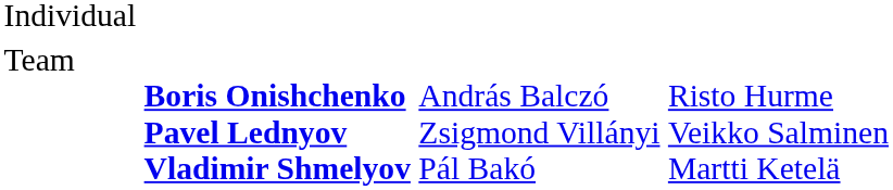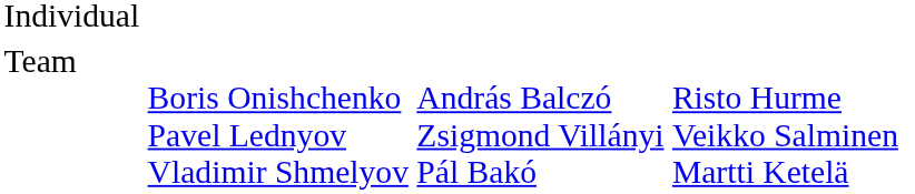 <table>
 <tr valign="top">
 <td>Individual <br> </td>
 <td></td>
 <td></td>
 <td></td>
 </tr>
 <tr valign="top">
 <td>Team <br> </td>
-<td><strong><br><a href='#'>Boris Onishchenko</a><br><a href='#'>Pavel Lednyov</a><br><a href='#'>Vladimir Shmelyov</a></strong></td>
+<td><br><a href='#'>Boris Onishchenko</a><br><a href='#'>Pavel Lednyov</a><br><a href='#'>Vladimir Shmelyov</a></td>
 <td><br><a href='#'>András Balczó</a><br><a href='#'>Zsigmond Villányi</a><br><a href='#'>Pál Bakó</a></td>
 <td><br><a href='#'>Risto Hurme</a><br><a href='#'>Veikko Salminen</a><br><a href='#'>Martti Ketelä</a></td>
 </tr>
 <tr>
 </tr>
 </table>
